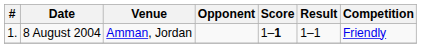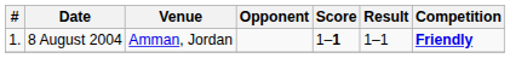 <table class="wikitable">
 <tr>
 <th>#</th>
 <th>Date</th>
 <th>Venue</th>
 <th>Opponent</th>
 <th>Score</th>
 <th>Result</th>
 <th>Competition</th>
 </tr>
 <tr>
 <td>1.</td>
 <td>8 August 2004</td>
 <td><a href='#'>Amman</a>, Jordan</td>
 <td></td>
 <td>1–<strong>1</strong></td>
 <td>1–1</td>
-<td><a href='#'>Friendly</a></td>
+<td><strong><a href='#'>Friendly</a></strong></td>
 </tr>
 <tr>
 </tr>
 </table>
